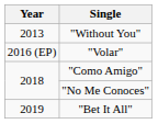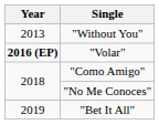 <table class="wikitable plainrowheaders" style="text-align:center;">
 <tr>
 <th>Year</th>
 <th>Single</th>
 </tr>
 <tr>
 <td>2013</td>
 <td>"Without You"</td>
 </tr>
 <tr>
-<td>2016 (EP)</td>
+<td><strong>2016 (EP)</strong></td>
 <td>"Volar"</td>
 </tr>
 <tr>
 <td rowspan=2>2018</td>
 <td>"Como Amigo"</td>
 </tr>
 <tr>
 <td>"No Me Conoces"</td>
 </tr>
 <tr>
 <td>2019</td>
 <td>"Bet It All"</td>
 </tr>
 </table>
